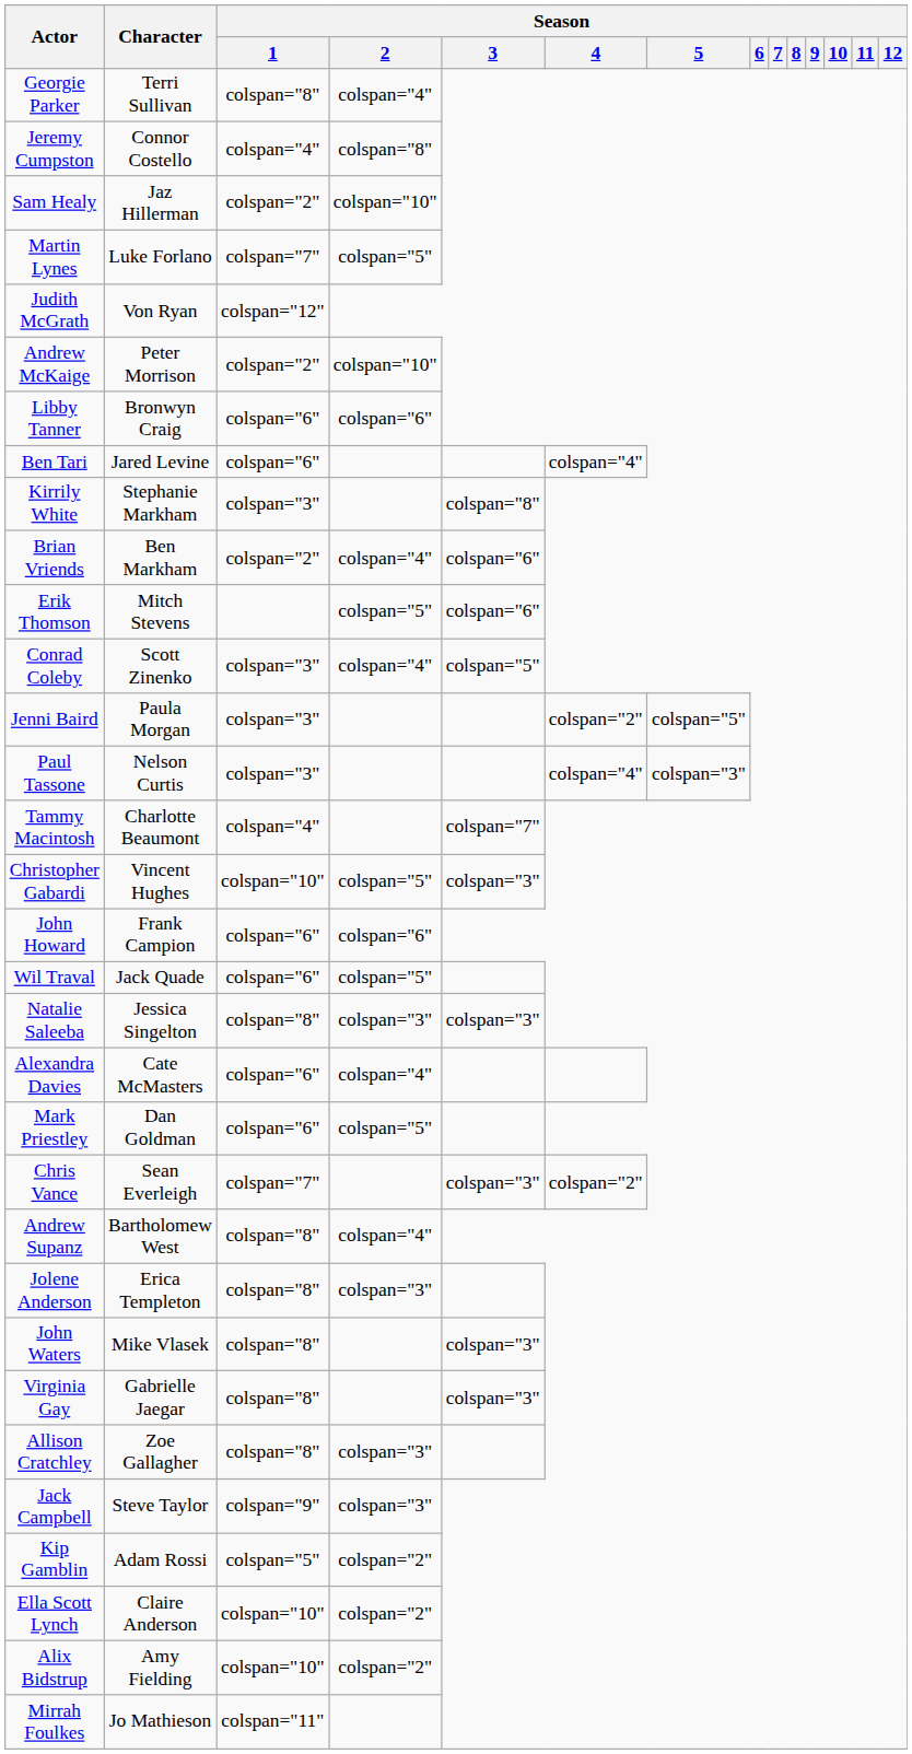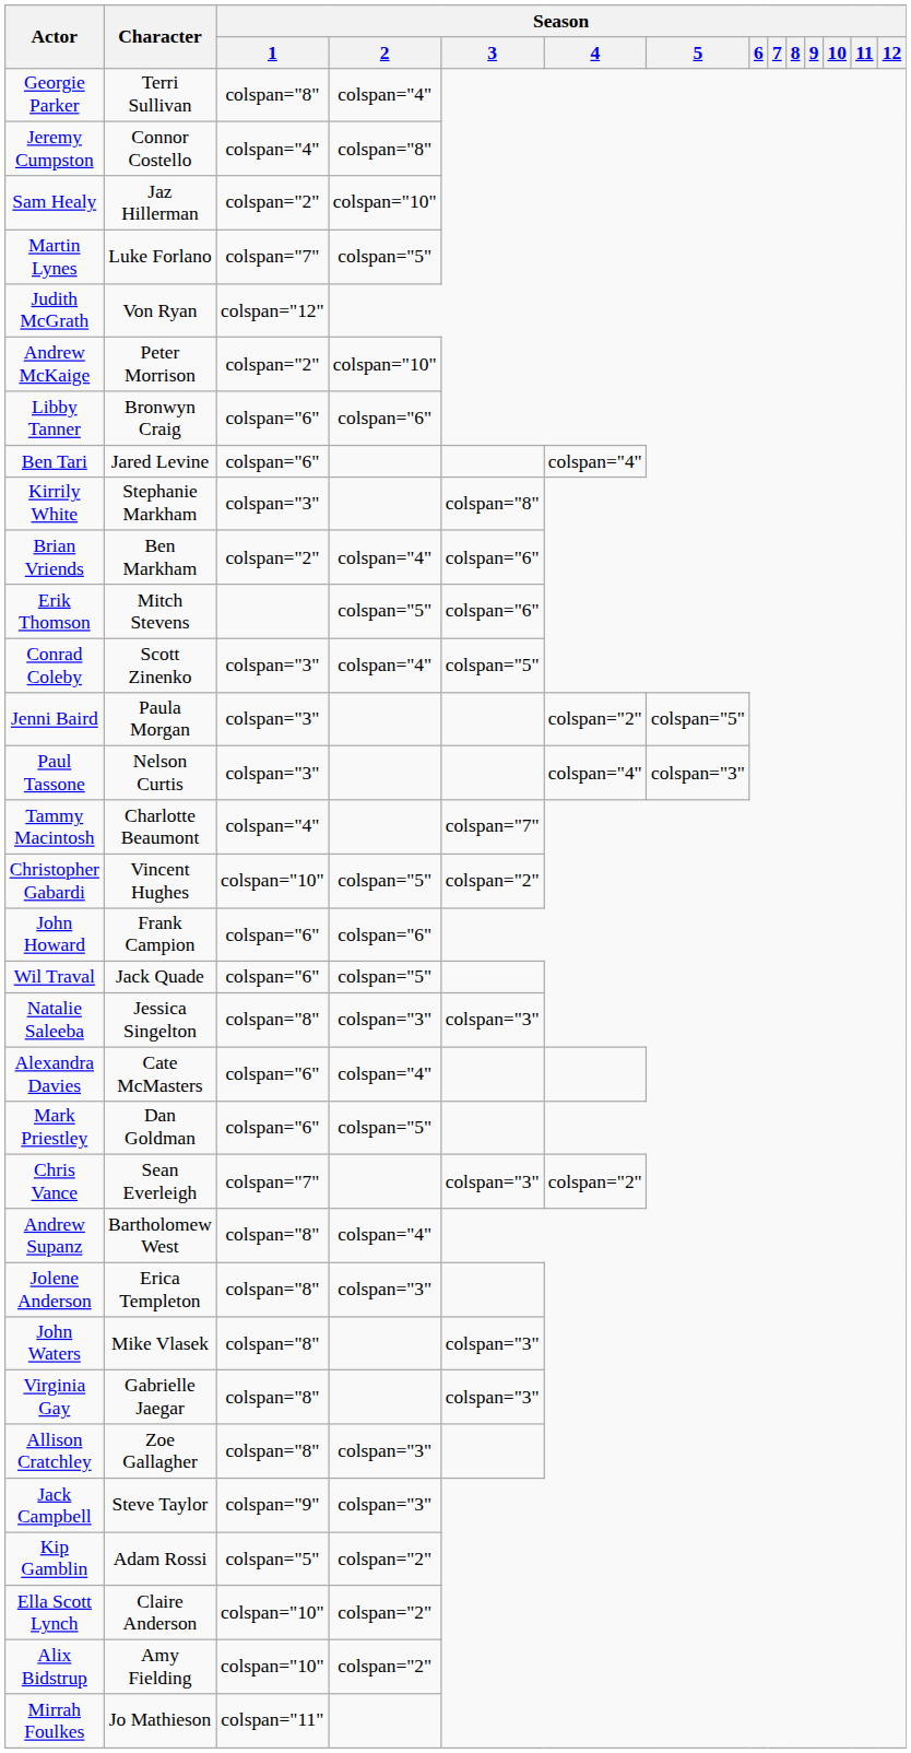 <table class="wikitable plainrowheaders" style="text-align:center; width:99%; font-size:90%">
 <tr>
 <th rowspan="2" style="width:14%;" scope="col">Actor</th>
 <th rowspan="2" style="width:14%;" scope="col">Character</th>
 <th colspan="12">Season</th>
 </tr>
 <tr>
 <th scope="col" style="width:6%;"><a href='#'>1</a></th>
 <th scope="col" style="width:6%;"><a href='#'>2</a></th>
 <th scope="col" style="width:6%;"><a href='#'>3</a></th>
 <th scope="col" style="width:6%;"><a href='#'>4</a></th>
 <th scope="col" style="width:6%;"><a href='#'>5</a></th>
 <th scope="col" style="width:6%;"><a href='#'>6</a></th>
 <th scope="col" style="width:6%;"><a href='#'>7</a></th>
 <th scope="col" style="width:6%;"><a href='#'>8</a></th>
 <th scope="col" style="width:6%;"><a href='#'>9</a></th>
 <th scope="col" style="width:6%;"><a href='#'>10</a></th>
 <th scope="col" style="width:6%;"><a href='#'>11</a></th>
 <th scope="col" style="width:6%;"><a href='#'>12</a></th>
 </tr>
 <tr>
 <td><a href='#'>Georgie Parker</a></td>
 <td>Terri Sullivan</td>
 <td>colspan="8" </td>
 <td>colspan="4" </td>
 </tr>
 <tr>
 <td><a href='#'>Jeremy Cumpston</a></td>
 <td>Connor Costello</td>
 <td>colspan="4" </td>
 <td>colspan="8" </td>
 </tr>
 <tr>
 <td><a href='#'>Sam Healy</a></td>
 <td>Jaz Hillerman</td>
 <td>colspan="2" </td>
 <td>colspan="10" </td>
 </tr>
 <tr>
 <td><a href='#'>Martin Lynes</a></td>
 <td>Luke Forlano</td>
 <td>colspan="7" </td>
 <td>colspan="5" </td>
 </tr>
 <tr>
 <td><a href='#'>Judith McGrath</a></td>
 <td>Von Ryan</td>
 <td>colspan="12" </td>
 </tr>
 <tr>
 <td><a href='#'>Andrew McKaige</a></td>
 <td>Peter Morrison</td>
 <td>colspan="2" </td>
 <td>colspan="10" </td>
 </tr>
 <tr>
 <td><a href='#'>Libby Tanner</a></td>
 <td>Bronwyn Craig</td>
 <td>colspan="6" </td>
 <td>colspan="6" </td>
 </tr>
 <tr>
 <td><a href='#'>Ben Tari</a></td>
 <td>Jared Levine</td>
 <td>colspan="6" </td>
 <td></td>
 <td></td>
 <td>colspan="4" </td>
 </tr>
 <tr>
 <td><a href='#'>Kirrily White</a></td>
 <td>Stephanie Markham</td>
 <td>colspan="3" </td>
 <td></td>
 <td>colspan="8" </td>
 </tr>
 <tr>
 <td><a href='#'>Brian Vriends</a></td>
 <td>Ben Markham</td>
 <td>colspan="2" </td>
 <td>colspan="4" </td>
 <td>colspan="6" </td>
 </tr>
 <tr>
 <td><a href='#'>Erik Thomson</a></td>
 <td>Mitch Stevens</td>
 <td></td>
 <td>colspan="5" </td>
 <td>colspan="6" </td>
 </tr>
 <tr>
 <td><a href='#'>Conrad Coleby</a></td>
 <td>Scott Zinenko</td>
 <td>colspan="3" </td>
 <td>colspan="4" </td>
 <td>colspan="5" </td>
 </tr>
 <tr>
 <td><a href='#'>Jenni Baird</a></td>
 <td>Paula Morgan</td>
 <td>colspan="3" </td>
 <td></td>
 <td></td>
 <td>colspan="2" </td>
 <td>colspan="5" </td>
 </tr>
 <tr>
 <td><a href='#'>Paul Tassone</a></td>
 <td>Nelson Curtis</td>
 <td>colspan="3" </td>
 <td></td>
 <td></td>
 <td>colspan="4" </td>
 <td>colspan="3" </td>
 </tr>
 <tr>
 <td><a href='#'>Tammy Macintosh</a></td>
 <td>Charlotte Beaumont</td>
 <td>colspan="4" </td>
 <td></td>
 <td>colspan="7" </td>
 </tr>
 <tr>
 <td><a href='#'>Christopher Gabardi</a></td>
 <td>Vincent Hughes</td>
 <td>colspan="10" </td>
 <td>colspan="5" </td>
-<td>colspan="3" </td>
+<td>colspan="2" </td>
 </tr>
 <tr>
 <td><a href='#'>John Howard</a></td>
 <td>Frank Campion</td>
 <td>colspan="6" </td>
 <td>colspan="6" </td>
 </tr>
 <tr>
 <td><a href='#'>Wil Traval</a></td>
 <td>Jack Quade</td>
 <td>colspan="6" </td>
 <td>colspan="5" </td>
 <td></td>
 </tr>
 <tr>
 <td><a href='#'>Natalie Saleeba</a></td>
 <td>Jessica Singelton</td>
 <td>colspan="8" </td>
 <td>colspan="3" </td>
 <td>colspan="3" </td>
 </tr>
 <tr>
 <td><a href='#'>Alexandra Davies</a></td>
 <td>Cate McMasters</td>
 <td>colspan="6" </td>
 <td>colspan="4" </td>
 <td></td>
 <td></td>
 </tr>
 <tr>
 <td><a href='#'>Mark Priestley</a></td>
 <td>Dan Goldman</td>
 <td>colspan="6" </td>
 <td>colspan="5" </td>
 <td></td>
 </tr>
 <tr>
 <td><a href='#'>Chris Vance</a></td>
 <td>Sean Everleigh</td>
 <td>colspan="7" </td>
 <td></td>
 <td>colspan="3" </td>
 <td>colspan="2" </td>
 </tr>
 <tr>
 <td><a href='#'>Andrew Supanz</a></td>
 <td>Bartholomew West</td>
 <td>colspan="8" </td>
 <td>colspan="4" </td>
 </tr>
 <tr>
 <td><a href='#'>Jolene Anderson</a></td>
 <td>Erica Templeton</td>
 <td>colspan="8" </td>
 <td>colspan="3" </td>
 <td></td>
 </tr>
 <tr>
 <td><a href='#'>John Waters</a></td>
 <td>Mike Vlasek</td>
 <td>colspan="8" </td>
 <td></td>
 <td>colspan="3" </td>
 </tr>
 <tr>
 <td><a href='#'>Virginia Gay</a></td>
 <td>Gabrielle Jaegar</td>
 <td>colspan="8" </td>
 <td></td>
 <td>colspan="3" </td>
 </tr>
 <tr>
 <td><a href='#'>Allison Cratchley</a></td>
 <td>Zoe Gallagher</td>
 <td>colspan="8" </td>
 <td>colspan="3" </td>
 <td></td>
 </tr>
 <tr>
 <td><a href='#'>Jack Campbell</a></td>
 <td>Steve Taylor</td>
 <td>colspan="9" </td>
 <td>colspan="3" </td>
 </tr>
 <tr>
 <td><a href='#'>Kip Gamblin</a></td>
 <td>Adam Rossi</td>
 <td>colspan="5" </td>
 <td>colspan="2" </td>
 </tr>
 <tr>
 <td><a href='#'>Ella Scott Lynch</a></td>
 <td>Claire Anderson</td>
 <td>colspan="10" </td>
 <td>colspan="2" </td>
 </tr>
 <tr>
 <td><a href='#'>Alix Bidstrup</a></td>
 <td>Amy Fielding</td>
 <td>colspan="10" </td>
 <td>colspan="2" </td>
 </tr>
 <tr>
 <td><a href='#'>Mirrah Foulkes</a></td>
 <td>Jo Mathieson</td>
 <td>colspan="11" </td>
 <td></td>
 </tr>
 </table>
